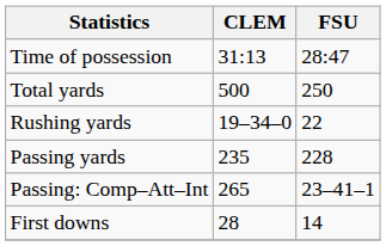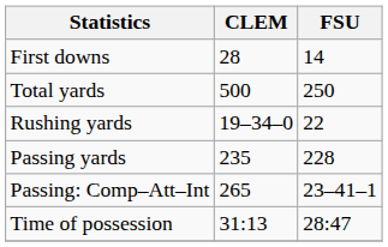 <table class="wikitable" style="float: left;">
 <tr>
 <th>Statistics</th>
 <th>CLEM</th>
 <th>FSU</th>
 </tr>
 <tr>
-<td>Time of possession</td>
-<td>31:13</td>
-<td>28:47</td>
+<td>First downs</td>
+<td>28</td>
+<td>14</td>
 </tr>
 <tr>
 <td>Total yards</td>
 <td>500</td>
 <td>250</td>
 </tr>
 <tr>
 <td>Rushing yards</td>
 <td>19–34–0</td>
 <td>22</td>
 </tr>
 <tr>
 <td>Passing yards</td>
 <td>235</td>
 <td>228</td>
 </tr>
 <tr>
 <td>Passing: Comp–Att–Int</td>
 <td>265</td>
 <td>23–41–1</td>
 </tr>
 <tr>
-<td>First downs</td>
-<td>28</td>
-<td>14</td>
+<td>Time of possession</td>
+<td>31:13</td>
+<td>28:47</td>
 </tr>
 <tr>
 </tr>
 </table>
